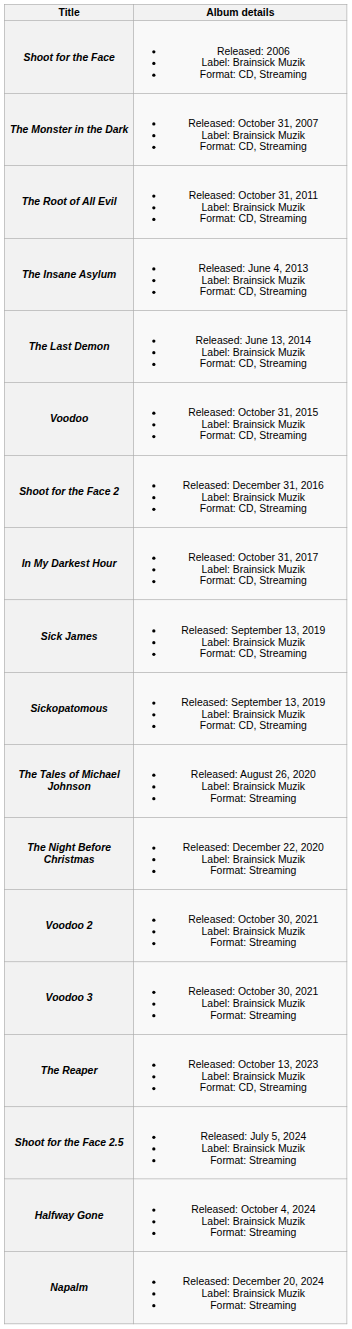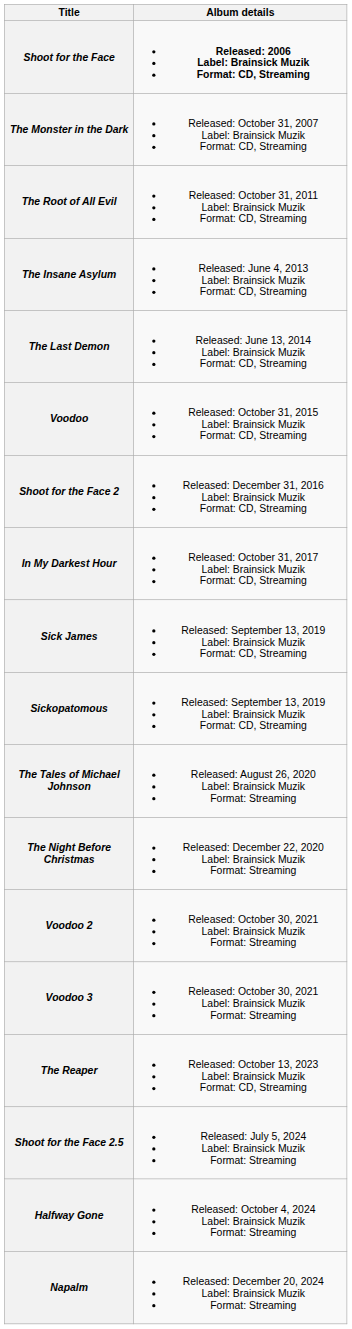 <table India class="wikitable plainrowheaders" style="text-align:center;">
 <tr>
 <th scope="col" style="width:12em;">Title</th>
 <th scope="col" style="width:20em;">Album details</th>
 </tr>
 <tr>
 <th scope="row"><em>Shoot for the Face</em></th>
-<td><br><ul><li>Released: 2006</li><li>Label: Brainsick Muzik</li><li>Format: CD, Streaming</li></ul></td>
+<td><strong><br><ul><li>Released: 2006</li><li>Label: Brainsick Muzik</li><li>Format: CD, Streaming</li></ul></strong></td>
 </tr>
 <tr>
 <th scope="row"><em>The Monster in the Dark</em></th>
 <td><br><ul><li>Released: October 31, 2007</li><li>Label: Brainsick Muzik</li><li>Format: CD, Streaming</li></ul></td>
 </tr>
 <tr>
 <th scope="row"><em>The Root of All Evil</em></th>
 <td><br><ul><li>Released: October 31, 2011</li><li>Label: Brainsick Muzik</li><li>Format: CD, Streaming</li></ul></td>
 </tr>
 <tr>
 <th scope="row"><em>The Insane Asylum</em></th>
 <td><br><ul><li>Released: June 4, 2013</li><li>Label: Brainsick Muzik</li><li>Format: CD, Streaming</li></ul></td>
 </tr>
 <tr>
 <th scope="row"><em>The Last Demon</em></th>
 <td><br><ul><li>Released: June 13, 2014</li><li>Label: Brainsick Muzik</li><li>Format: CD, Streaming</li></ul></td>
 </tr>
 <tr>
 <th scope="row"><em>Voodoo</em></th>
 <td><br><ul><li>Released: October 31, 2015</li><li>Label: Brainsick Muzik</li><li>Format: CD, Streaming</li></ul></td>
 </tr>
 <tr>
 <th scope="row"><em>Shoot for the Face 2</em></th>
 <td><br><ul><li>Released: December 31, 2016</li><li>Label: Brainsick Muzik</li><li>Format: CD, Streaming</li></ul></td>
 </tr>
 <tr>
 <th scope="row"><em>In My Darkest Hour</em></th>
 <td><br><ul><li>Released: October 31, 2017</li><li>Label: Brainsick Muzik</li><li>Format: CD, Streaming</li></ul></td>
 </tr>
 <tr>
 <th scope="row"><em>Sick James</em></th>
 <td><br><ul><li>Released: September 13, 2019</li><li>Label: Brainsick Muzik</li><li>Format: CD, Streaming</li></ul></td>
 </tr>
 <tr>
 <th scope="row"><em>Sickopatomous</em></th>
 <td><br><ul><li>Released: September 13, 2019</li><li>Label: Brainsick Muzik</li><li>Format: CD, Streaming</li></ul></td>
 </tr>
 <tr>
 <th scope="row"><em>The Tales of Michael Johnson</em></th>
 <td><br><ul><li>Released: August 26, 2020</li><li>Label: Brainsick Muzik</li><li>Format: Streaming</li></ul></td>
 </tr>
 <tr>
 <th scope="row"><em>The Night Before Christmas</em></th>
 <td><br><ul><li>Released: December 22, 2020</li><li>Label: Brainsick Muzik</li><li>Format: Streaming</li></ul></td>
 </tr>
 <tr>
 <th scope="row"><em>Voodoo 2</em></th>
 <td><br><ul><li>Released: October 30, 2021</li><li>Label: Brainsick Muzik</li><li>Format: Streaming</li></ul></td>
 </tr>
 <tr>
 <th scope="row"><em>Voodoo 3</em></th>
 <td><br><ul><li>Released: October 30, 2021</li><li>Label: Brainsick Muzik</li><li>Format: Streaming</li></ul></td>
 </tr>
 <tr>
 <th scope="row"><em>The Reaper</em></th>
 <td><br><ul><li>Released: October 13, 2023</li><li>Label: Brainsick Muzik</li><li>Format: CD, Streaming</li></ul></td>
 </tr>
 <tr>
 <th scope="row"><em>Shoot for the Face 2.5</em></th>
 <td><br><ul><li>Released: July 5, 2024</li><li>Label: Brainsick Muzik</li><li>Format: Streaming</li></ul></td>
 </tr>
 <tr>
 <th scope="row"><em>Halfway Gone</em></th>
 <td><br><ul><li>Released: October 4, 2024</li><li>Label: Brainsick Muzik</li><li>Format: Streaming</li></ul></td>
 </tr>
 <tr>
 <th scope="row"><em>Napalm</em></th>
 <td><br><ul><li>Released: December 20, 2024</li><li>Label: Brainsick Muzik</li><li>Format: Streaming</li></ul></td>
 </tr>
 </table>
